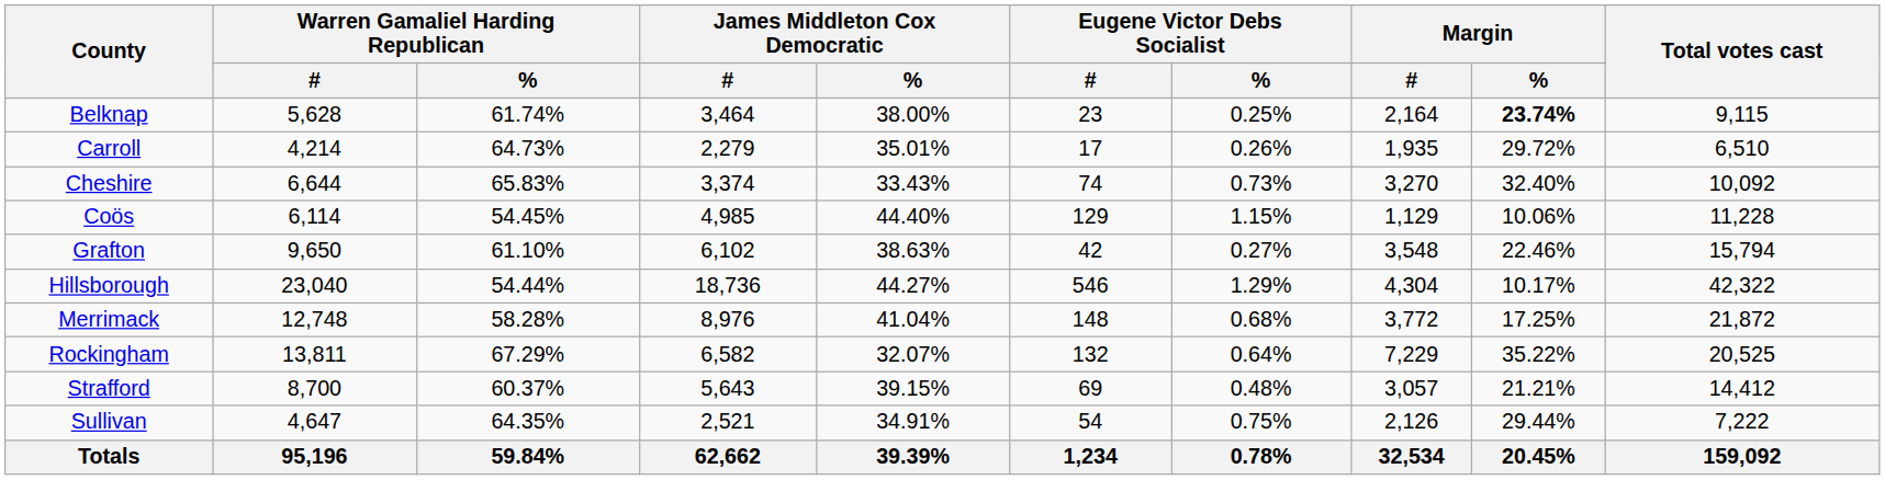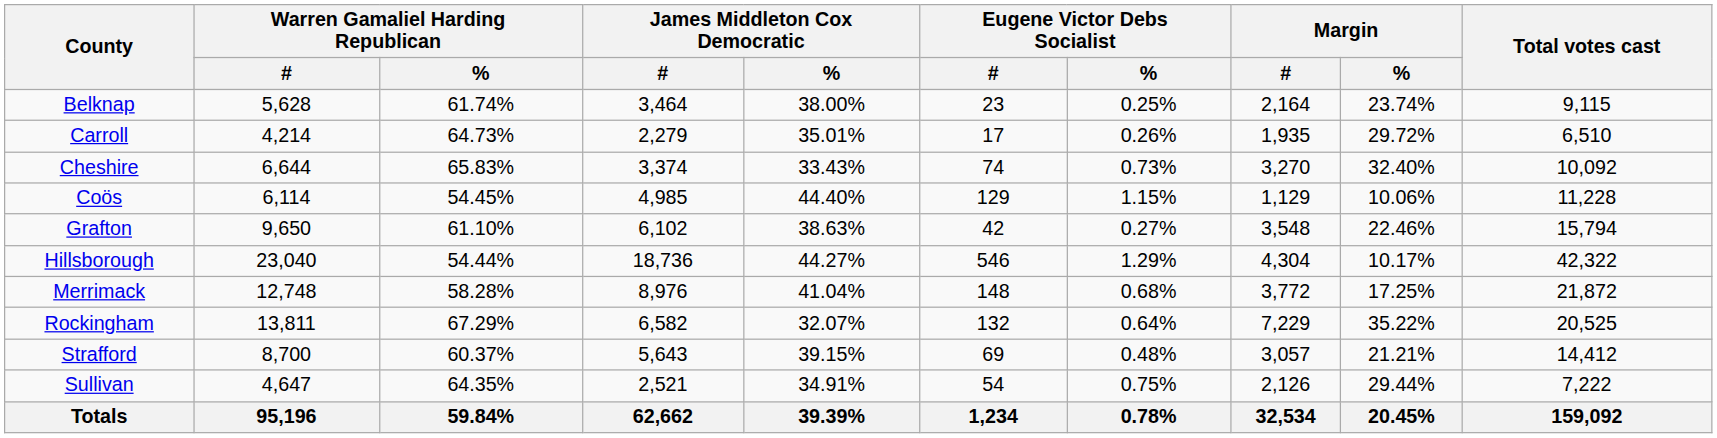 <table width="70%" class="wikitable sortable">
 <tr>
 <th rowspan="2">County</th>
 <th colspan="2">Warren Gamaliel Harding<br>Republican</th>
 <th colspan="2">James Middleton Cox<br>Democratic</th>
 <th colspan="2">Eugene Victor Debs<br>Socialist</th>
 <th colspan="2">Margin</th>
 <th rowspan="2">Total votes cast</th>
 </tr>
 <tr bgcolor="lightgrey">
 <th>#</th>
 <th>%</th>
 <th>#</th>
 <th>%</th>
 <th>#</th>
 <th>%</th>
 <th>#</th>
 <th>%</th>
 </tr>
 <tr style="text-align:center;">
 <td><a href='#'>Belknap</a></td>
 <td>5,628</td>
 <td>61.74%</td>
 <td>3,464</td>
 <td>38.00%</td>
 <td>23</td>
 <td>0.25%</td>
 <td>2,164</td>
-<td><strong>23.74%</strong></td>
+<td>23.74%</td>
 <td>9,115</td>
 </tr>
 <tr style="text-align:center;">
 <td><a href='#'>Carroll</a></td>
 <td>4,214</td>
 <td>64.73%</td>
 <td>2,279</td>
 <td>35.01%</td>
 <td>17</td>
 <td>0.26%</td>
 <td>1,935</td>
 <td>29.72%</td>
 <td>6,510</td>
 </tr>
 <tr style="text-align:center;">
 <td><a href='#'>Cheshire</a></td>
 <td>6,644</td>
 <td>65.83%</td>
 <td>3,374</td>
 <td>33.43%</td>
 <td>74</td>
 <td>0.73%</td>
 <td>3,270</td>
 <td>32.40%</td>
 <td>10,092</td>
 </tr>
 <tr style="text-align:center;">
 <td><a href='#'>Coös</a></td>
 <td>6,114</td>
 <td>54.45%</td>
 <td>4,985</td>
 <td>44.40%</td>
 <td>129</td>
 <td>1.15%</td>
 <td>1,129</td>
 <td>10.06%</td>
 <td>11,228</td>
 </tr>
 <tr style="text-align:center;">
 <td><a href='#'>Grafton</a></td>
 <td>9,650</td>
 <td>61.10%</td>
 <td>6,102</td>
 <td>38.63%</td>
 <td>42</td>
 <td>0.27%</td>
 <td>3,548</td>
 <td>22.46%</td>
 <td>15,794</td>
 </tr>
 <tr style="text-align:center;">
 <td><a href='#'>Hillsborough</a></td>
 <td>23,040</td>
 <td>54.44%</td>
 <td>18,736</td>
 <td>44.27%</td>
 <td>546</td>
 <td>1.29%</td>
 <td>4,304</td>
 <td>10.17%</td>
 <td>42,322</td>
 </tr>
 <tr style="text-align:center;">
 <td><a href='#'>Merrimack</a></td>
 <td>12,748</td>
 <td>58.28%</td>
 <td>8,976</td>
 <td>41.04%</td>
 <td>148</td>
 <td>0.68%</td>
 <td>3,772</td>
 <td>17.25%</td>
 <td>21,872</td>
 </tr>
 <tr style="text-align:center;">
 <td><a href='#'>Rockingham</a></td>
 <td>13,811</td>
 <td>67.29%</td>
 <td>6,582</td>
 <td>32.07%</td>
 <td>132</td>
 <td>0.64%</td>
 <td>7,229</td>
 <td>35.22%</td>
 <td>20,525</td>
 </tr>
 <tr style="text-align:center;">
 <td><a href='#'>Strafford</a></td>
 <td>8,700</td>
 <td>60.37%</td>
 <td>5,643</td>
 <td>39.15%</td>
 <td>69</td>
 <td>0.48%</td>
 <td>3,057</td>
 <td>21.21%</td>
 <td>14,412</td>
 </tr>
 <tr style="text-align:center;">
 <td><a href='#'>Sullivan</a></td>
 <td>4,647</td>
 <td>64.35%</td>
 <td>2,521</td>
 <td>34.91%</td>
 <td>54</td>
 <td>0.75%</td>
 <td>2,126</td>
 <td>29.44%</td>
 <td>7,222</td>
 </tr>
 <tr>
 <th>Totals</th>
 <th>95,196</th>
 <th>59.84%</th>
 <th>62,662</th>
 <th>39.39%</th>
 <th>1,234</th>
 <th>0.78%</th>
 <th>32,534</th>
 <th>20.45%</th>
 <th>159,092</th>
 </tr>
 </table>
